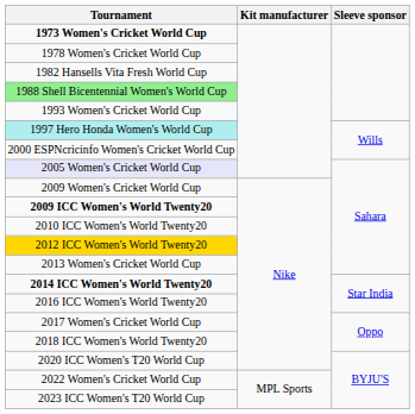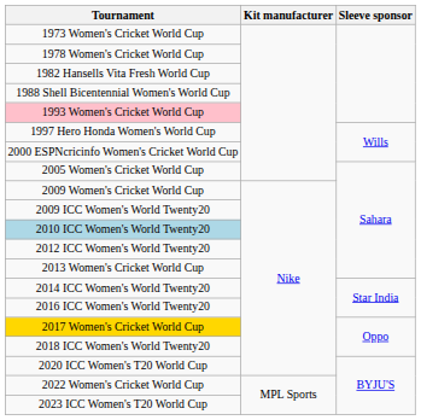 <table class="wikitable" style="font-size: 85%;text-align:center;margin-left:1em;">
 <tr>
 <th>Tournament</th>
 <th>Kit manufacturer</th>
 <th>Sleeve sponsor</th>
 </tr>
 <tr>
-<td><strong>1973 Women's Cricket World Cup</strong></td>
+<td>1973 Women's Cricket World Cup</td>
 <td rowspan="8"></td>
 <td rowspan="5"></td>
 </tr>
 <tr>
 <td>1978 Women's Cricket World Cup</td>
 </tr>
 <tr>
 <td>1982 Hansells Vita Fresh World Cup</td>
 </tr>
 <tr>
-<td style="background: lightgreen;">1988 Shell Bicentennial Women's World Cup</td>
+<td>1988 Shell Bicentennial Women's World Cup</td>
 </tr>
 <tr>
-<td>1993 Women's Cricket World Cup</td>
+<td style="background: pink;">1993 Women's Cricket World Cup</td>
 </tr>
 <tr>
-<td style="background: paleturquoise;">1997 Hero Honda Women's World Cup</td>
+<td>1997 Hero Honda Women's World Cup</td>
 <td rowspan="2"><a href='#'>Wills</a></td>
 </tr>
 <tr>
 <td>2000 ESPNcricinfo Women's Cricket World Cup</td>
 </tr>
 <tr>
-<td style="background: lavender;">2005 Women's Cricket World Cup</td>
+<td>2005 Women's Cricket World Cup</td>
 <td rowspan="6"><a href='#'>Sahara</a></td>
 </tr>
 <tr>
 <td>2009 Women's Cricket World Cup</td>
 <td rowspan="10"><a href='#'>Nike</a></td>
 </tr>
 <tr>
-<td><strong>2009 ICC Women's World Twenty20</strong></td>
+<td>2009 ICC Women's World Twenty20</td>
 </tr>
 <tr>
-<td>2010 ICC Women's World Twenty20</td>
+<td style="background: lightblue;">2010 ICC Women's World Twenty20</td>
 </tr>
 <tr>
-<td style="background: gold;">2012 ICC Women's World Twenty20</td>
+<td>2012 ICC Women's World Twenty20</td>
 </tr>
 <tr>
 <td>2013 Women's Cricket World Cup</td>
 </tr>
 <tr>
-<td><strong>2014 ICC Women's World Twenty20</strong></td>
+<td>2014 ICC Women's World Twenty20</td>
 <td rowspan="2"><a href='#'>Star India</a></td>
 </tr>
 <tr>
 <td>2016 ICC Women's World Twenty20</td>
 </tr>
 <tr>
-<td>2017 Women's Cricket World Cup</td>
+<td style="background: gold;">2017 Women's Cricket World Cup</td>
 <td rowspan="2"><a href='#'>Oppo</a></td>
 </tr>
 <tr>
 <td>2018 ICC Women's World Twenty20</td>
 </tr>
 <tr>
 <td>2020 ICC Women's T20 World Cup</td>
 <td rowspan="3"><a href='#'>BYJU'S</a></td>
 </tr>
 <tr>
 <td>2022 Women's Cricket World Cup</td>
 <td rowspan="2">MPL Sports</td>
 </tr>
 <tr>
 <td>2023 ICC Women's T20 World Cup</td>
 </tr>
 </table>
